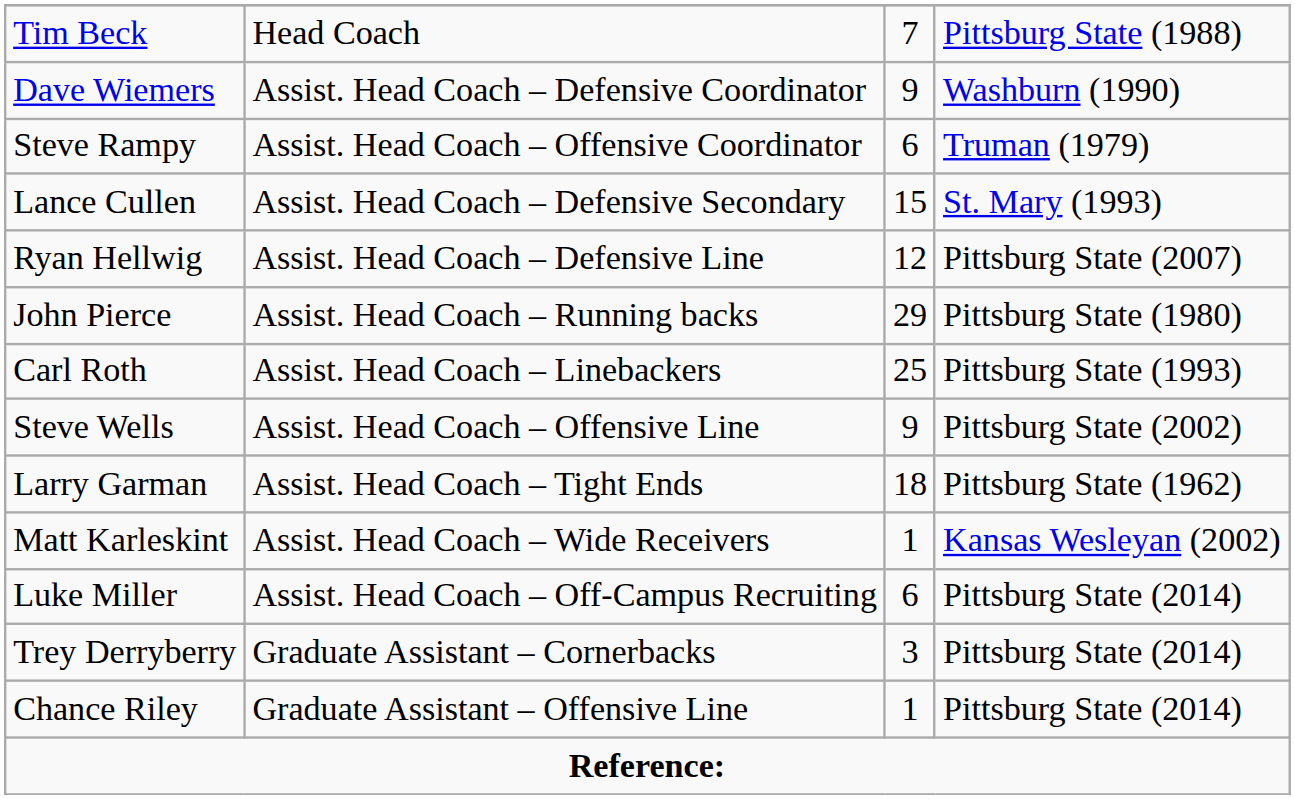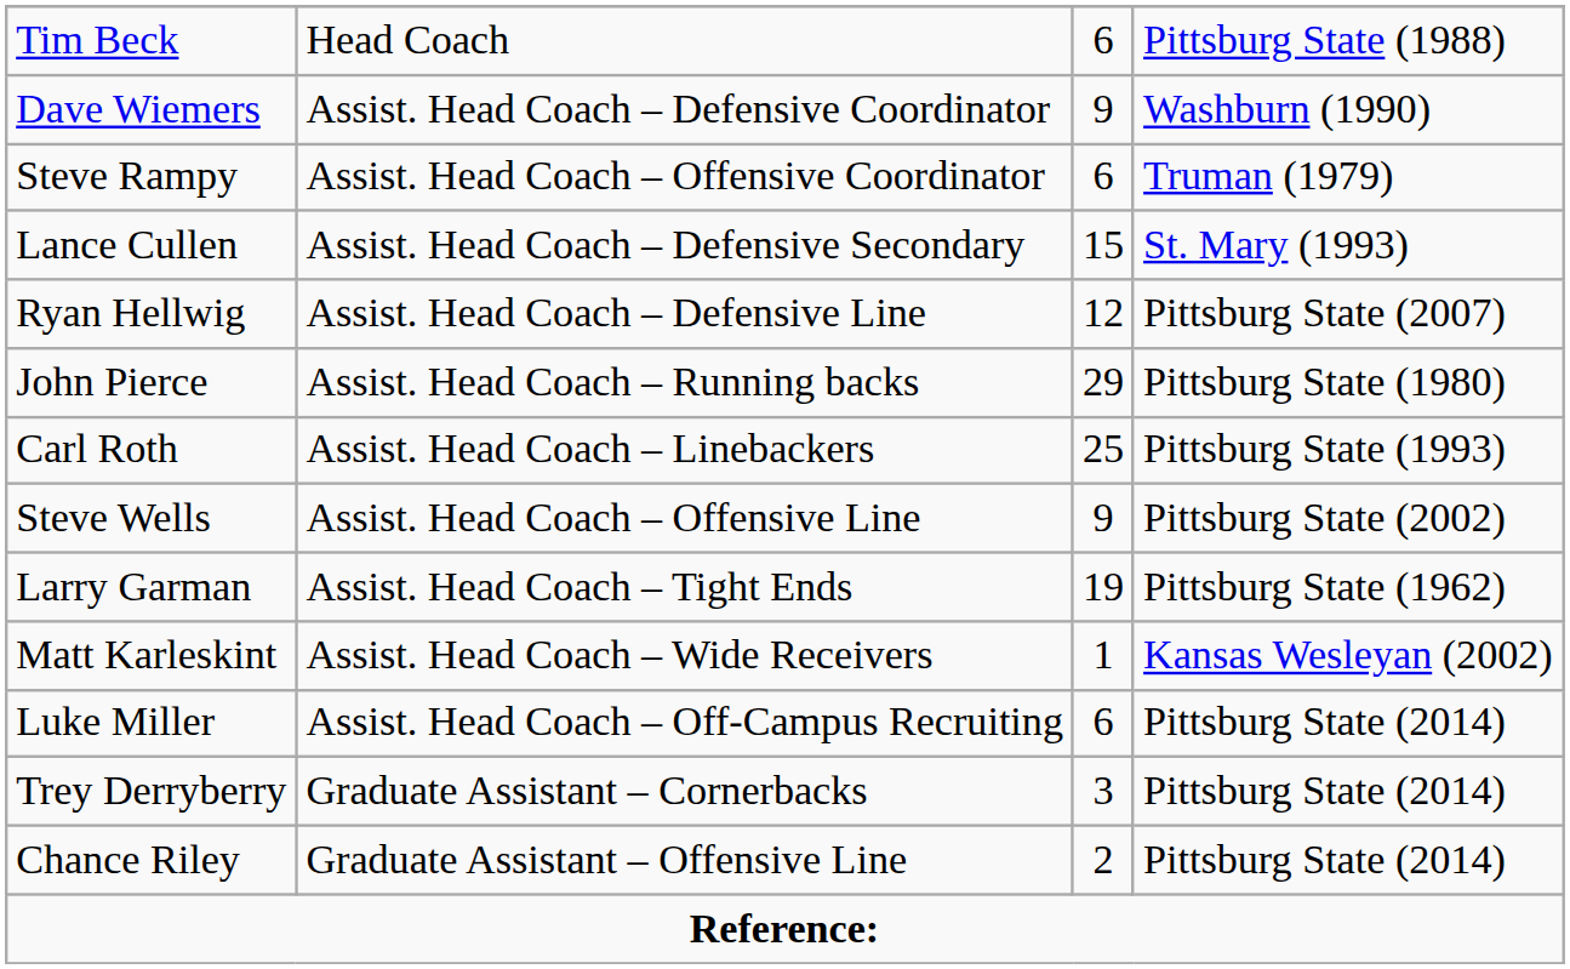 <table class="wikitable" border="1" style="font-size:90%;">
 <tr>
 </tr>
 <tr>
 <td><a href='#'>Tim Beck</a></td>
 <td>Head Coach</td>
-<td align=center>7</td>
+<td align=center>6</td>
 <td><a href='#'>Pittsburg State</a> (1988)</td>
 </tr>
 <tr>
 <td><a href='#'>Dave Wiemers</a></td>
 <td>Assist. Head Coach – Defensive Coordinator</td>
 <td align=center>9</td>
 <td><a href='#'>Washburn</a> (1990)</td>
 </tr>
 <tr>
 <td>Steve Rampy</td>
 <td>Assist. Head Coach – Offensive Coordinator</td>
 <td align=center>6</td>
 <td><a href='#'>Truman</a> (1979)</td>
 </tr>
 <tr>
 <td>Lance Cullen</td>
 <td>Assist. Head Coach – Defensive Secondary</td>
 <td align=center>15</td>
 <td><a href='#'>St. Mary</a> (1993)</td>
 </tr>
 <tr>
 <td>Ryan Hellwig</td>
 <td>Assist. Head Coach – Defensive Line</td>
 <td align=center>12</td>
 <td>Pittsburg State (2007)</td>
 </tr>
 <tr>
 <td>John Pierce</td>
 <td>Assist. Head Coach – Running backs</td>
 <td align=center>29</td>
 <td>Pittsburg State (1980)</td>
 </tr>
 <tr>
 <td>Carl Roth</td>
 <td>Assist. Head Coach – Linebackers</td>
 <td align=center>25</td>
 <td>Pittsburg State (1993)</td>
 </tr>
 <tr>
 <td>Steve Wells</td>
 <td>Assist. Head Coach – Offensive Line</td>
 <td align=center>9</td>
 <td>Pittsburg State (2002)</td>
 </tr>
 <tr>
 <td>Larry Garman</td>
 <td>Assist. Head Coach – Tight Ends</td>
-<td align=center>18</td>
+<td align=center>19</td>
 <td>Pittsburg State (1962)</td>
 </tr>
 <tr>
 <td>Matt Karleskint</td>
 <td>Assist. Head Coach – Wide Receivers</td>
 <td align=center>1</td>
 <td><a href='#'>Kansas Wesleyan</a> (2002)</td>
 </tr>
 <tr>
 <td>Luke Miller</td>
 <td>Assist. Head Coach – Off-Campus Recruiting</td>
 <td align=center>6</td>
 <td>Pittsburg State (2014)</td>
 </tr>
 <tr>
 <td>Trey Derryberry</td>
 <td>Graduate Assistant – Cornerbacks</td>
 <td align=center>3</td>
 <td>Pittsburg State (2014)</td>
 </tr>
 <tr>
 <td>Chance Riley</td>
 <td>Graduate Assistant – Offensive Line</td>
-<td align=center>1</td>
+<td align=center>2</td>
 <td>Pittsburg State (2014)</td>
 </tr>
 <tr align="center">
 <td colspan=4><strong>Reference:</strong></td>
 </tr>
 </table>
